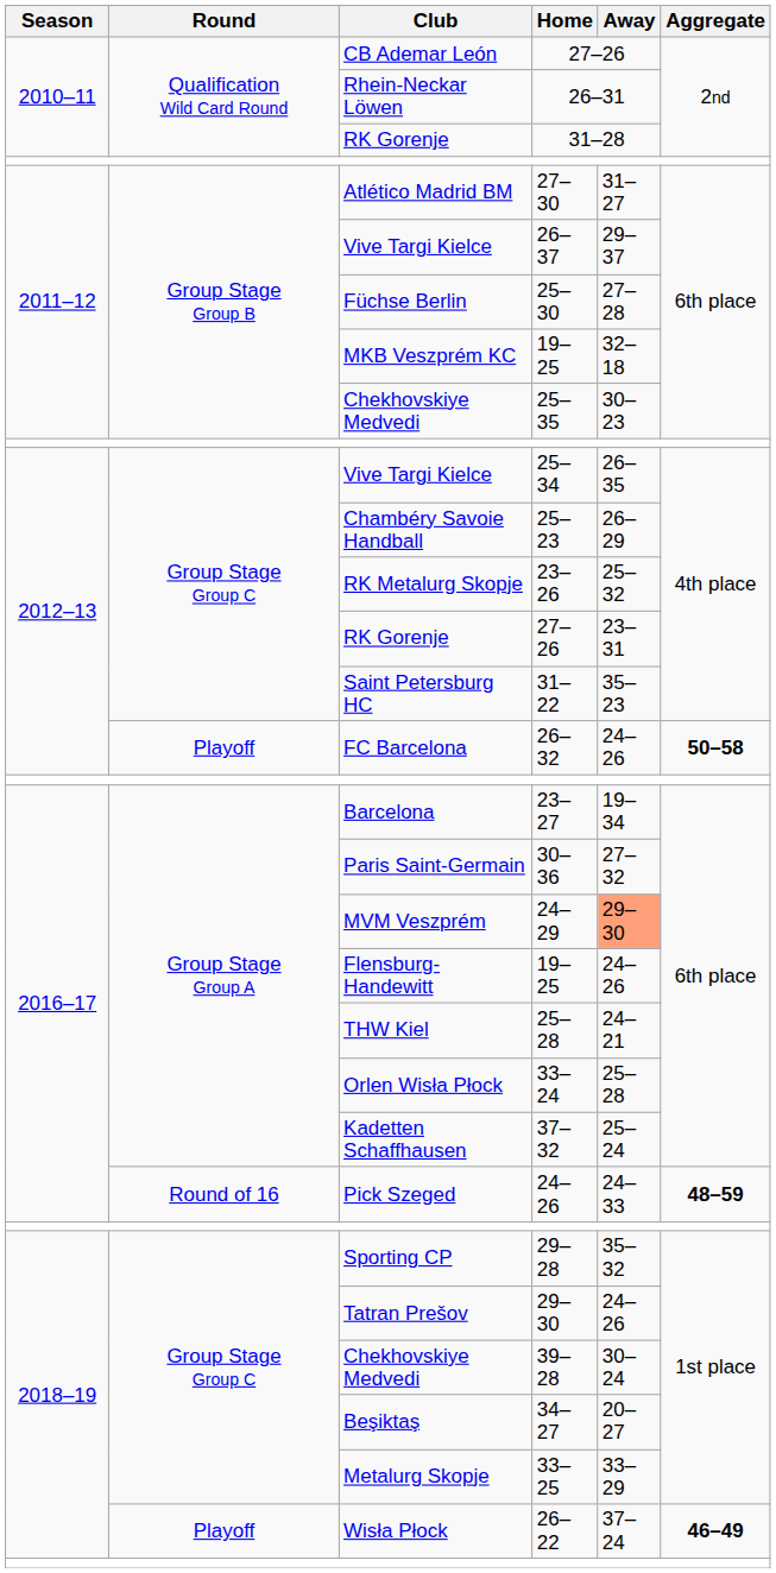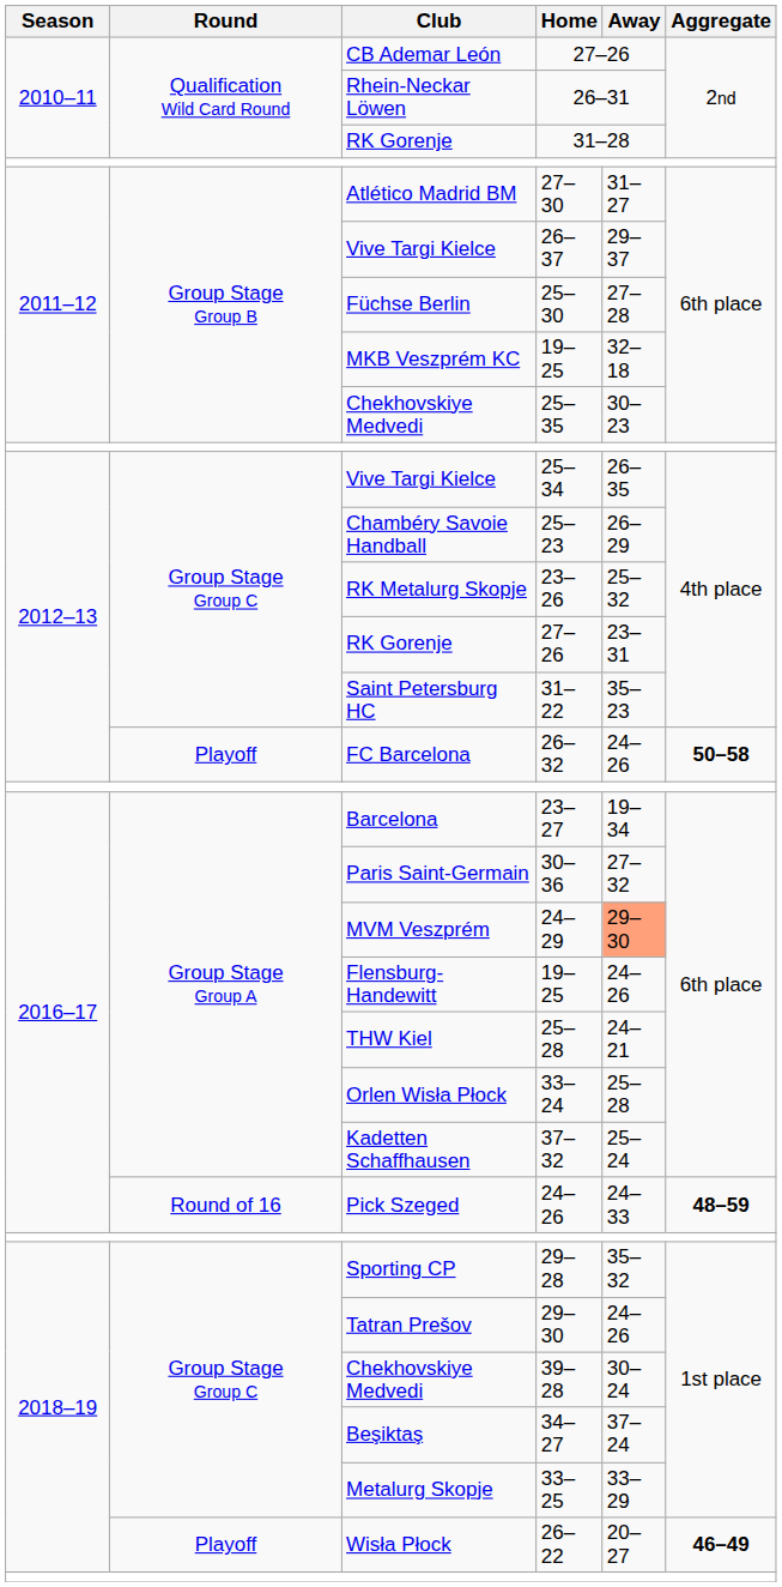 <table class="wikitable">
 <tr>
 <th width=75>Season</th>
 <th width=175>Round</th>
 <th>Club</th>
 <th>Home</th>
 <th>Away</th>
 <th>Aggregate</th>
 </tr>
 <tr>
 <td style="text-align:center" rowspan="3"><a href='#'>2010–11</a></td>
 <td style="text-align:center" rowspan="3"><a href='#'>Qualification<br><small>Wild Card Round</small></a><br></td>
 <td style="text-align:left"> <a href='#'>CB Ademar León</a></td>
 <td colspan=2; style="text-align:center;">27–26</td>
 <td style="text-align:center" rowspan=3>2<small>nd</small></td>
 </tr>
 <tr>
 <td style="text-align:left"> <a href='#'>Rhein-Neckar Löwen</a></td>
 <td colspan=2; style="text-align:center;">26–31</td>
 </tr>
 <tr>
 <td style="text-align:left"> <a href='#'>RK Gorenje</a></td>
 <td colspan=2; style="text-align:center;">31–28</td>
 </tr>
 <tr>
 <td colspan=7 style="text-align: center; background:white"></td>
 </tr>
 <tr>
 <td style="text-align:center" rowspan="5"><a href='#'>2011–12</a></td>
 <td style="text-align:center" rowspan="5"><a href='#'>Group Stage<br><small>Group B</small></a><br></td>
 <td style="text-align:left"> <a href='#'>Atlético Madrid BM</a></td>
 <td style="text-align:left">27–30</td>
 <td style="text-align:left">31–27</td>
 <td style="text-align:center" rowspan=5>6th place</td>
 </tr>
 <tr>
 <td style="text-align:left"> <a href='#'>Vive Targi Kielce</a></td>
 <td style="text-align:left">26–37</td>
 <td style="text-align:left">29–37</td>
 </tr>
 <tr>
 <td style="text-align:left"> <a href='#'>Füchse Berlin</a></td>
 <td style="text-align:left">25–30</td>
 <td style="text-align:left">27–28</td>
 </tr>
 <tr>
 <td style="text-align:left"> <a href='#'>MKB Veszprém KC</a></td>
 <td style="text-align:left">19–25</td>
 <td style="text-align:left">32–18</td>
 </tr>
 <tr>
 <td style="text-align:left"> <a href='#'>Chekhovskiye Medvedi</a></td>
 <td style="text-align:left">25–35</td>
 <td style="text-align:left">30–23</td>
 </tr>
 <tr>
 <td colspan=7 style="text-align: center; background:white"></td>
 </tr>
 <tr>
 <td style="text-align:center" rowspan="6"><a href='#'>2012–13</a></td>
 <td style="text-align:center" rowspan="5"><a href='#'>Group Stage<br><small>Group C</small></a><br></td>
 <td style="text-align:left"> <a href='#'>Vive Targi Kielce</a></td>
 <td style="text-align:left">25–34</td>
 <td style="text-align:left">26–35</td>
 <td style="text-align:center" rowspan=5>4th place</td>
 </tr>
 <tr>
 <td style="text-align:left"> <a href='#'>Chambéry Savoie Handball</a></td>
 <td style="text-align:left">25–23</td>
 <td style="text-align:left">26–29</td>
 </tr>
 <tr>
 <td style="text-align:left"> <a href='#'>RK Metalurg Skopje</a></td>
 <td style="text-align:left">23–26</td>
 <td style="text-align:left">25–32</td>
 </tr>
 <tr>
 <td style="text-align:left"> <a href='#'>RK Gorenje</a></td>
 <td style="text-align:left">27–26</td>
 <td style="text-align:left">23–31</td>
 </tr>
 <tr>
 <td style="text-align:left"> <a href='#'>Saint Petersburg HC</a></td>
 <td style="text-align:left">31–22</td>
 <td style="text-align:left">35–23</td>
 </tr>
 <tr>
 <td style="text-align:center"><a href='#'>Playoff</a></td>
 <td style="text-align:left"> <a href='#'>FC Barcelona</a></td>
 <td style="text-align:left">26–32</td>
 <td style="text-align:left">24–26</td>
 <td style="text-align:center"><strong>50–58</strong></td>
 </tr>
 <tr>
 <td colspan=7 style="text-align: center; background:white"></td>
 </tr>
 <tr>
 <td style="text-align:center" rowspan="8"><a href='#'>2016–17</a></td>
 <td style="text-align:center" rowspan="7"><a href='#'>Group Stage<br><small>Group A</small></a><br></td>
 <td style="text-align:left"> <a href='#'>Barcelona</a></td>
 <td style="text-align:left">23–27</td>
 <td style="text-align:left">19–34</td>
 <td style="text-align:center" rowspan=7>6th place</td>
 </tr>
 <tr>
 <td style="text-align:left"> <a href='#'>Paris Saint-Germain</a></td>
 <td style="text-align:left">30–36</td>
 <td style="text-align:left">27–32</td>
 </tr>
 <tr>
 <td style="text-align:left"> <a href='#'>MVM Veszprém</a></td>
 <td style="text-align:left">24–29</td>
 <td style="background: lightsalmon; text-align:left">29–30</td>
 </tr>
 <tr>
 <td style="text-align:left"> <a href='#'>Flensburg-Handewitt</a></td>
 <td style="text-align:left">19–25</td>
 <td style="text-align:left">24–26</td>
 </tr>
 <tr>
 <td style="text-align:left"> <a href='#'>THW Kiel</a></td>
 <td style="text-align:left">25–28</td>
 <td style="text-align:left">24–21</td>
 </tr>
 <tr>
 <td style="text-align:left"> <a href='#'>Orlen Wisła Płock</a></td>
 <td style="text-align:left">33–24</td>
 <td style="text-align:left">25–28</td>
 </tr>
 <tr>
 <td style="text-align:left"> <a href='#'>Kadetten Schaffhausen</a></td>
 <td style="text-align:left">37–32</td>
 <td style="text-align:left">25–24</td>
 </tr>
 <tr>
 <td style="text-align:center"><a href='#'>Round of 16</a></td>
 <td style="text-align:left"> <a href='#'>Pick Szeged</a></td>
 <td style="text-align:left">24–26</td>
 <td style="text-align:left">24–33</td>
 <td style="text-align:center"><strong>48–59</strong></td>
 </tr>
 <tr>
 <td colspan=7 style="text-align: center; background:white"></td>
 </tr>
 <tr>
 <td style="text-align:center" rowspan="6"><a href='#'>2018–19</a></td>
 <td style="text-align:center" rowspan="5"><a href='#'>Group Stage<br><small>Group C</small></a><br></td>
 <td style="text-align:left"> <a href='#'>Sporting CP</a></td>
 <td style="text-align:left">29–28</td>
 <td style="text-align:left">35–32</td>
 <td style="text-align:center" rowspan=5>1st place</td>
 </tr>
 <tr>
 <td style="text-align:left"> <a href='#'>Tatran Prešov</a></td>
 <td style="text-align:left">29–30</td>
 <td style="text-align:left">24–26</td>
 </tr>
 <tr>
 <td style="text-align:left"> <a href='#'>Chekhovskiye Medvedi</a></td>
 <td style="text-align:left">39–28</td>
 <td style="text-align:left">30–24</td>
 </tr>
 <tr>
 <td style="text-align:left"> <a href='#'>Beşiktaş</a></td>
 <td style="text-align:left">34–27</td>
-<td style="text-align:left">20–27</td>
+<td style="text-align:left">37–24</td>
 </tr>
 <tr>
 <td style="text-align:left"> <a href='#'>Metalurg Skopje</a></td>
 <td style="text-align:left">33–25</td>
 <td style="text-align:left">33–29</td>
 </tr>
 <tr>
 <td style="text-align:center"><a href='#'>Playoff</a></td>
 <td style="text-align:left"> <a href='#'>Wisła Płock</a></td>
 <td style="text-align:left">26–22</td>
-<td style="text-align:left">37–24</td>
+<td style="text-align:left">20–27</td>
 <td style="text-align:center"><strong>46–49</strong></td>
 </tr>
 <tr>
 <td colspan=7 style="text-align: center; background:white"></td>
 </tr>
 </table>
